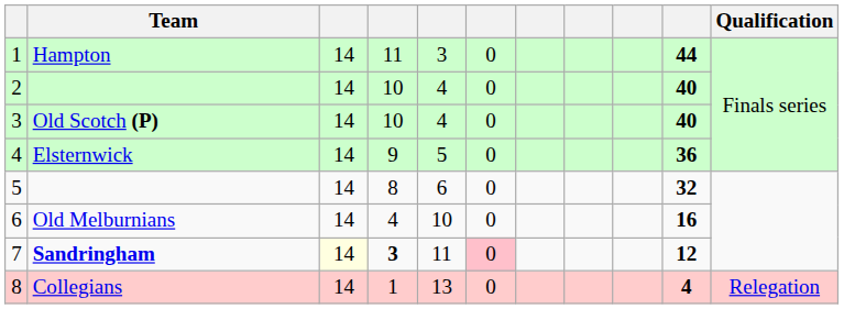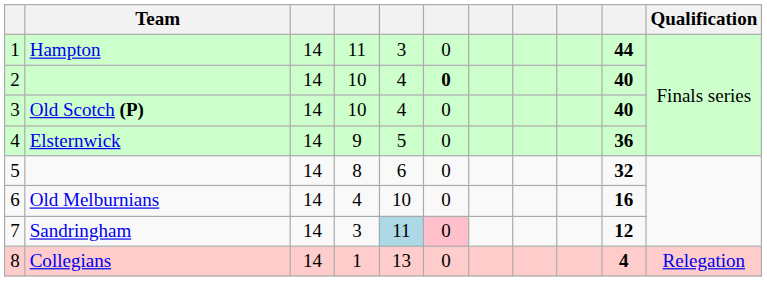 <table class="wikitable" style="text-align:center; margin-bottom:0">
 <tr>
 <th style="width:10px"></th>
 <th style="width:35%;">Team</th>
 <th style="width:30px;"></th>
 <th style="width:30px;"></th>
 <th style="width:30px;"></th>
 <th style="width:30px;"></th>
 <th style="width:30px;"></th>
 <th style="width:30px;"></th>
 <th style="width:30px;"></th>
 <th style="width:30px;"></th>
 <th>Qualification</th>
 </tr>
 <tr style="background:#ccffcc;">
 <td>1</td>
 <td style="text-align:left;"><a href='#'>Hampton</a></td>
 <td>14</td>
 <td>11</td>
 <td>3</td>
 <td>0</td>
 <td></td>
 <td></td>
 <td></td>
 <td><strong>44</strong></td>
 <td rowspan=4>Finals series</td>
 </tr>
 <tr style="background:#ccffcc;">
 <td>2</td>
 <td style="text-align:left;"></td>
 <td>14</td>
 <td>10</td>
 <td>4</td>
-<td>0</td>
+<td><strong>0</strong></td>
 <td></td>
 <td></td>
 <td></td>
 <td><strong>40</strong></td>
 </tr>
 <tr style="background:#ccffcc;">
 <td>3</td>
 <td style="text-align:left;"><a href='#'>Old Scotch</a> <strong>(P)</strong></td>
 <td>14</td>
 <td>10</td>
 <td>4</td>
 <td>0</td>
 <td></td>
 <td></td>
 <td></td>
 <td><strong>40</strong></td>
 </tr>
 <tr style="background:#ccffcc;">
 <td>4</td>
 <td style="text-align:left;"><a href='#'>Elsternwick</a></td>
 <td>14</td>
 <td>9</td>
 <td>5</td>
 <td>0</td>
 <td></td>
 <td></td>
 <td></td>
 <td><strong>36</strong></td>
 </tr>
 <tr>
 <td>5</td>
 <td style="text-align:left;"></td>
 <td>14</td>
 <td>8</td>
 <td>6</td>
 <td>0</td>
 <td></td>
 <td></td>
 <td></td>
 <td><strong>32</strong></td>
 </tr>
 <tr>
 <td>6</td>
 <td style="text-align:left;"><a href='#'>Old Melburnians</a></td>
 <td>14</td>
 <td>4</td>
 <td>10</td>
 <td>0</td>
 <td></td>
 <td></td>
 <td></td>
 <td><strong>16</strong></td>
 </tr>
 <tr>
 <td>7</td>
-<td style="text-align:left;"><strong><a href='#'>Sandringham</a></strong></td>
-<td style="background: lightyellow;">14</td>
-<td><strong>3</strong></td>
-<td>11</td>
+<td style="text-align:left;"><a href='#'>Sandringham</a></td>
+<td>14</td>
+<td>3</td>
+<td style="background: lightblue;">11</td>
 <td style="background: pink;">0</td>
 <td></td>
 <td></td>
 <td></td>
 <td><strong>12</strong></td>
 </tr>
 <tr style="background:#FFCCCC;">
 <td>8</td>
 <td style="text-align:left;"><a href='#'>Collegians</a></td>
 <td>14</td>
 <td>1</td>
 <td>13</td>
 <td>0</td>
 <td></td>
 <td></td>
 <td></td>
 <td><strong>4</strong></td>
 <td><a href='#'>Relegation</a></td>
 </tr>
 </table>
